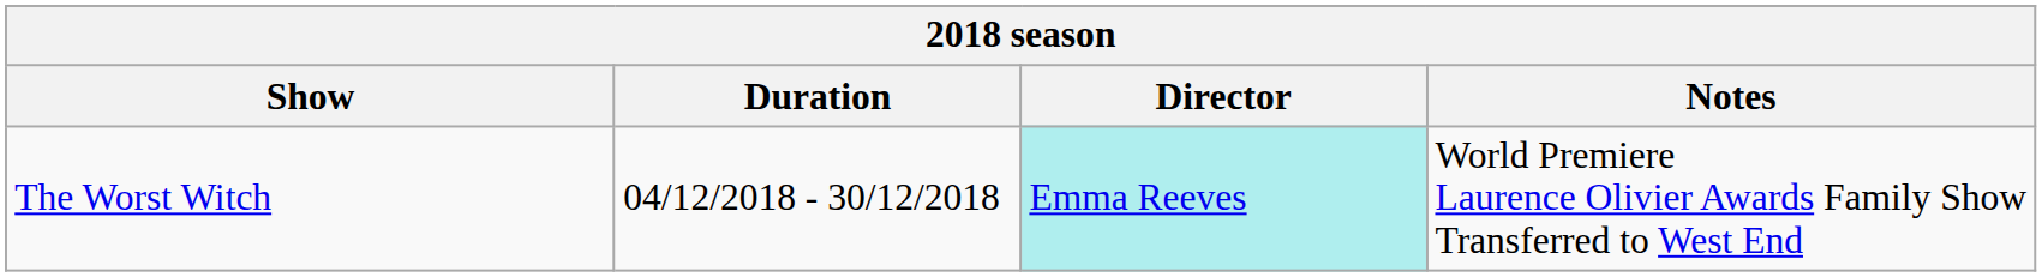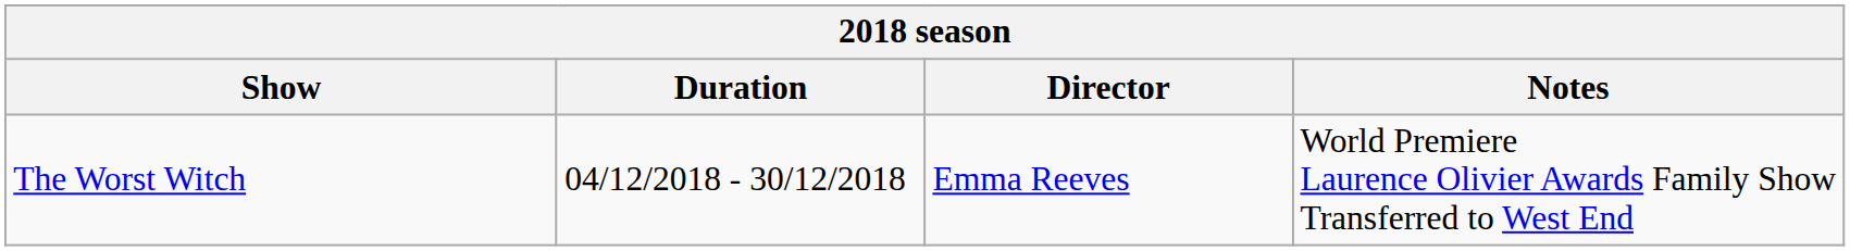 <table class="wikitable collapsible autocollapse">
 <tr>
 <th colspan="4">2018 season</th>
 </tr>
 <tr>
 <th width="30%">Show</th>
 <th width="20%">Duration</th>
 <th width="20%">Director</th>
 <th width="30%">Notes</th>
 </tr>
 <tr>
 <td><a href='#'>The Worst Witch</a></td>
 <td>04/12/2018 - 30/12/2018</td>
-<td style="background: paleturquoise;"><a href='#'>Emma Reeves</a></td>
+<td><a href='#'>Emma Reeves</a></td>
 <td>World Premiere<br><a href='#'>Laurence Olivier Awards</a> Family Show<br>Transferred to <a href='#'>West End</a></td>
 </tr>
 </table>
